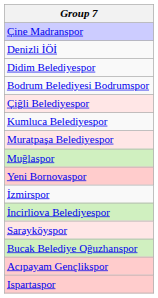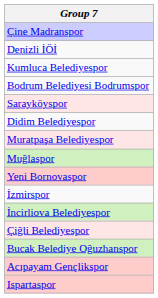 <table class="wikitable collapsible collapsed" style="font-size:95%;">
 <tr>
 <th colspan="1" width="200"><em>Group 7</em></th>
 </tr>
 <tr>
 <td style="background:#ccccff;"><a href='#'>Çine Madranspor</a></td>
 </tr>
 <tr>
 <td><a href='#'>Denizli İÖİ</a></td>
 </tr>
 <tr>
-<td><a href='#'>Didim Belediyespor</a></td>
+<td><a href='#'>Kumluca Belediyespor</a></td>
 </tr>
 <tr>
 <td><a href='#'>Bodrum Belediyesi Bodrumspor</a></td>
 </tr>
 <tr>
-<td style="background:#FFE6E6;"><a href='#'>Çiğli Belediyespor</a></td>
+<td style="background:#FFE6E6;"><a href='#'>Sarayköyspor</a></td>
 </tr>
 <tr>
-<td><a href='#'>Kumluca Belediyespor</a></td>
+<td><a href='#'>Didim Belediyespor</a></td>
 </tr>
 <tr>
 <td style="background:#FFE6E6;"><a href='#'>Muratpaşa Belediyespor</a></td>
 </tr>
 <tr>
 <td style="background:#D0F0C0;"><a href='#'>Muğlaspor</a></td>
 </tr>
 <tr>
 <td style="background:#fcc;"><a href='#'>Yeni Bornovaspor</a></td>
 </tr>
 <tr>
 <td><a href='#'>İzmirspor</a></td>
 </tr>
 <tr>
 <td style="background:#D0F0C0;"><a href='#'>İncirliova Belediyespor</a></td>
 </tr>
 <tr>
-<td style="background:#FFE6E6;"><a href='#'>Sarayköyspor</a></td>
+<td style="background:#FFE6E6;"><a href='#'>Çiğli Belediyespor</a></td>
 </tr>
 <tr>
 <td style="background:#D0F0C0;"><a href='#'>Bucak Belediye Oğuzhanspor</a></td>
 </tr>
 <tr>
 <td style="background:#fcc;"><a href='#'>Acıpayam Gençlikspor</a></td>
 </tr>
 <tr>
 <td style="background:#fcc;"><a href='#'>Ispartaspor</a></td>
 </tr>
 </table>
